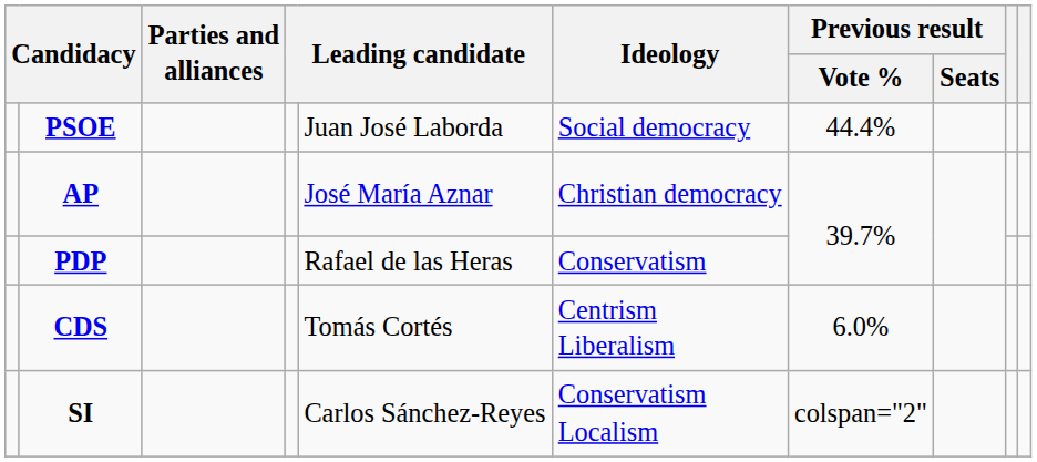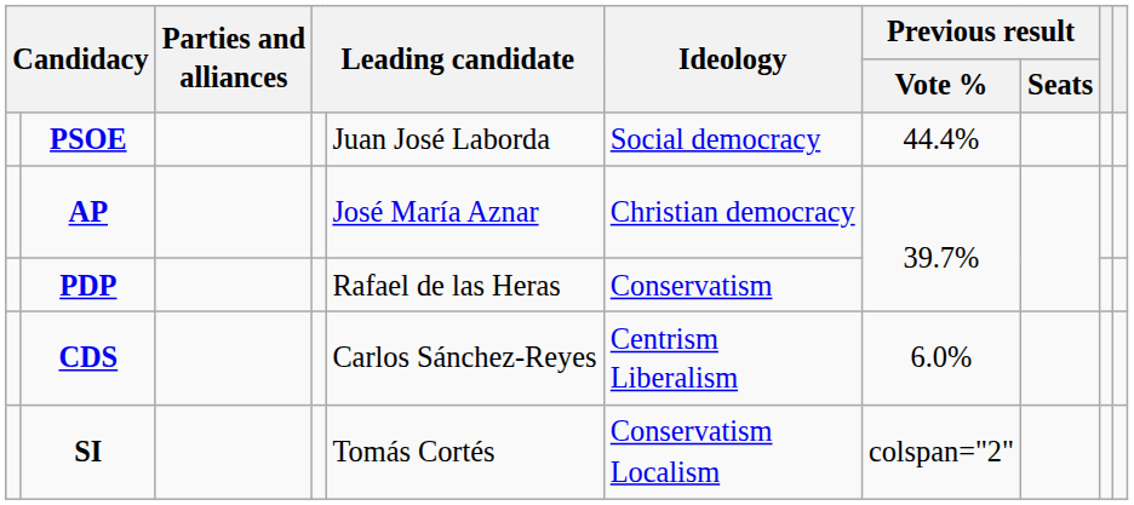 <table class="wikitable" style="line-height:1.35em; text-align:left;">
 <tr>
 <th colspan="2" rowspan="2">Candidacy</th>
 <th rowspan="2">Parties and<br>alliances</th>
 <th colspan="2" rowspan="2">Leading candidate</th>
 <th rowspan="2">Ideology</th>
 <th colspan="2">Previous result</th>
 <th rowspan="2"></th>
 <th rowspan="2"></th>
 </tr>
 <tr>
 <th>Vote %</th>
 <th>Seats</th>
 </tr>
 <tr>
 <td width="1" style="color:inherit;background:"></td>
 <td align="center"><strong><a href='#'>PSOE</a></strong></td>
 <td></td>
 <td></td>
 <td>Juan José Laborda</td>
 <td><a href='#'>Social democracy</a></td>
 <td align="center">44.4%</td>
 <td></td>
 <td></td>
 <td><br></td>
 </tr>
 <tr>
 <td style="color:inherit;background:"></td>
 <td align="center"><strong><a href='#'>AP</a></strong></td>
 <td></td>
 <td></td>
 <td><a href='#'>José María Aznar</a></td>
 <td><a href='#'>Christian democracy</a></td>
 <td rowspan="2" align="center"><br>39.7%<br></td>
 <td rowspan="2"></td>
 <td></td>
 <td><br><br></td>
 </tr>
 <tr>
 <td style="color:inherit;background:"></td>
 <td align="center"><strong><a href='#'>PDP</a></strong></td>
 <td></td>
 <td></td>
 <td>Rafael de las Heras</td>
 <td><a href='#'>Conservatism</a></td>
 <td></td>
 <td></td>
 </tr>
 <tr>
 <td style="color:inherit;background:"></td>
 <td align="center"><strong><a href='#'>CDS</a></strong></td>
 <td></td>
 <td></td>
-<td>Tomás Cortés</td>
+<td>Carlos Sánchez-Reyes</td>
 <td><a href='#'>Centrism</a><br><a href='#'>Liberalism</a></td>
 <td align="center">6.0%</td>
 <td></td>
 <td></td>
 <td></td>
 </tr>
 <tr>
 <td style="color:inherit;background:"></td>
 <td align="center"><strong>SI</strong></td>
 <td></td>
 <td></td>
-<td>Carlos Sánchez-Reyes</td>
+<td>Tomás Cortés</td>
 <td><a href='#'>Conservatism</a><br><a href='#'>Localism</a></td>
 <td>colspan="2" </td>
 <td></td>
 <td></td>
 </tr>
 </table>
